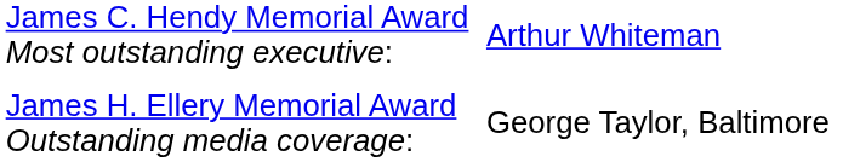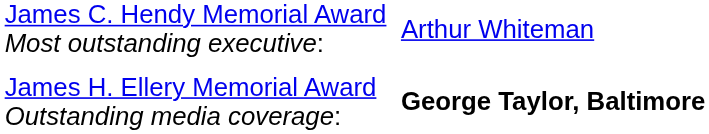 <table cellpadding="3" cellspacing="3">
 <tr>
 <td><a href='#'>James C. Hendy Memorial Award</a><br><em>Most outstanding executive</em>:</td>
 <td><a href='#'>Arthur Whiteman</a></td>
 </tr>
 <tr>
 <td><a href='#'>James H. Ellery Memorial Award</a> <br><em>Outstanding media coverage</em>:</td>
-<td>George Taylor, Baltimore</td>
+<td><strong>George Taylor, Baltimore</strong></td>
 </tr>
 </table>
